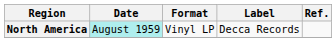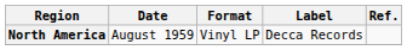 <table class="wikitable plainrowheaders">
 <tr>
 <th scope="col">Region</th>
 <th scope="col">Date</th>
 <th scope="col">Format</th>
 <th scope="col">Label</th>
 <th scope="col">Ref.</th>
 </tr>
 <tr>
 <th scope="row">North America</th>
-<td style="background: paleturquoise;">August 1959</td>
+<td>August 1959</td>
 <td>Vinyl LP</td>
 <td>Decca Records</td>
 <td></td>
 </tr>
 <tr>
 </tr>
 </table>
